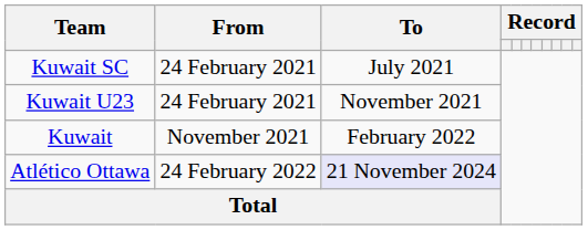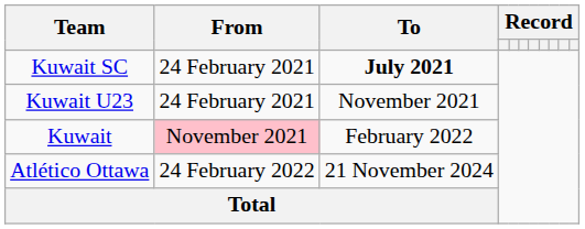 <table class="wikitable" style="text-align:center">
 <tr>
 <th rowspan="2">Team</th>
 <th rowspan="2">From</th>
 <th rowspan="2">To</th>
 <th colspan="8">Record</th>
 </tr>
 <tr>
 <th></th>
 <th></th>
 <th></th>
 <th></th>
 <th></th>
 <th></th>
 <th></th>
 <th></th>
 </tr>
 <tr>
 <td><a href='#'>Kuwait SC</a></td>
 <td>24 February 2021</td>
-<td>July 2021<br></td>
+<td><strong>July 2021<br></strong></td>
 </tr>
 <tr>
 <td><a href='#'>Kuwait U23</a></td>
 <td>24 February 2021</td>
 <td>November 2021<br></td>
 </tr>
 <tr>
 <td><a href='#'>Kuwait</a></td>
-<td>November 2021</td>
+<td style="background: pink;">November 2021</td>
 <td>February 2022<br></td>
 </tr>
 <tr>
 <td><a href='#'>Atlético Ottawa</a></td>
 <td>24 February 2022</td>
-<td style="background: lavender;">21 November 2024<br></td>
+<td>21 November 2024<br></td>
 </tr>
 <tr>
 <th colspan="3">Total<br></th>
 </tr>
 </table>
